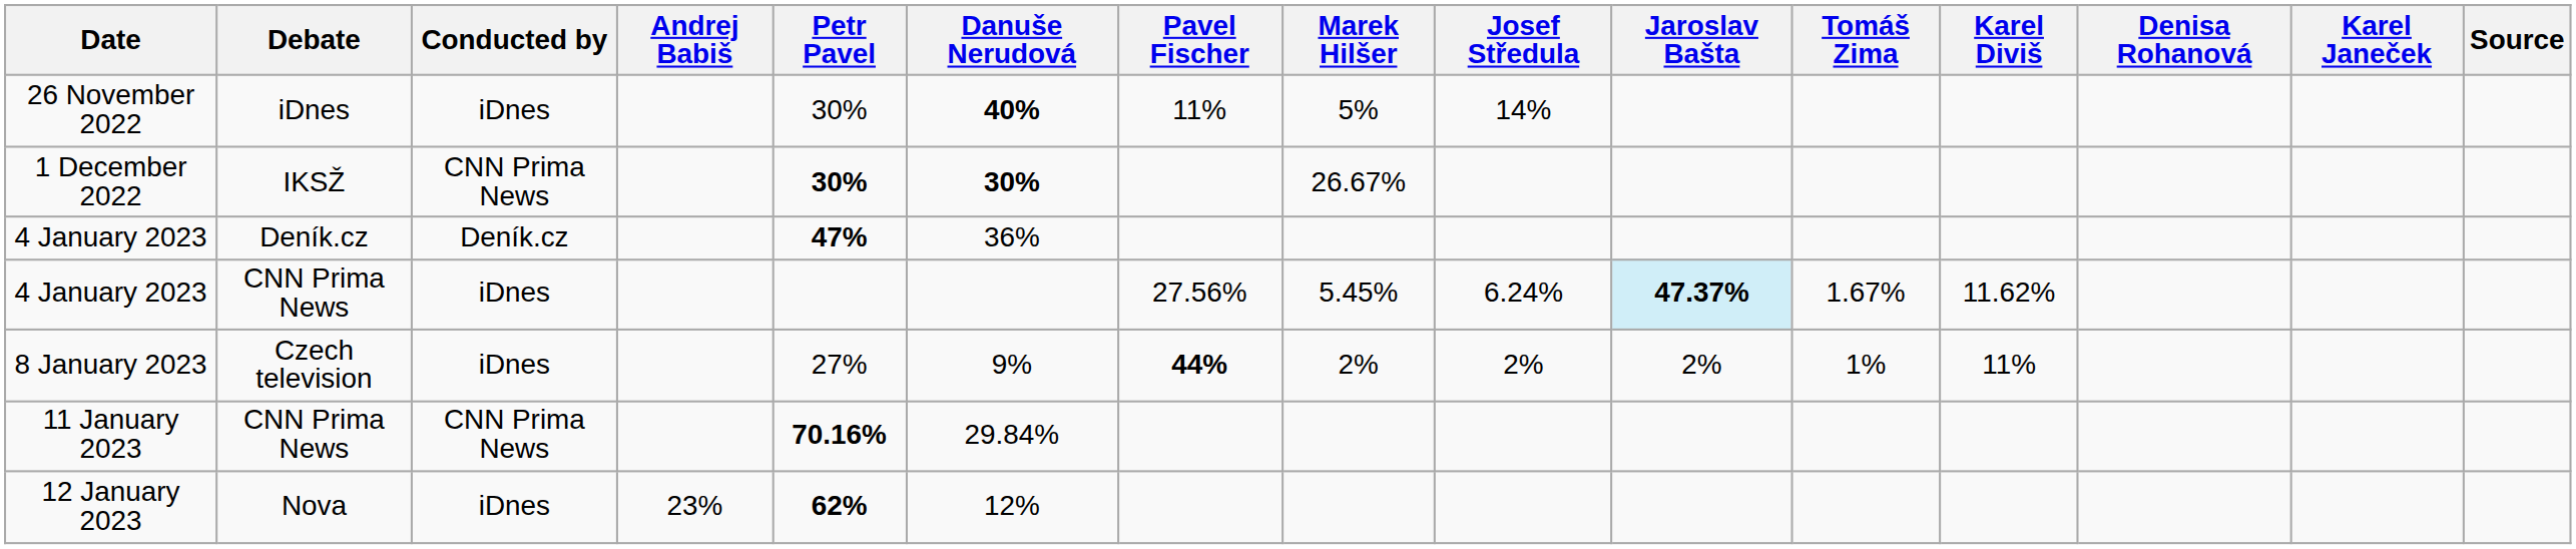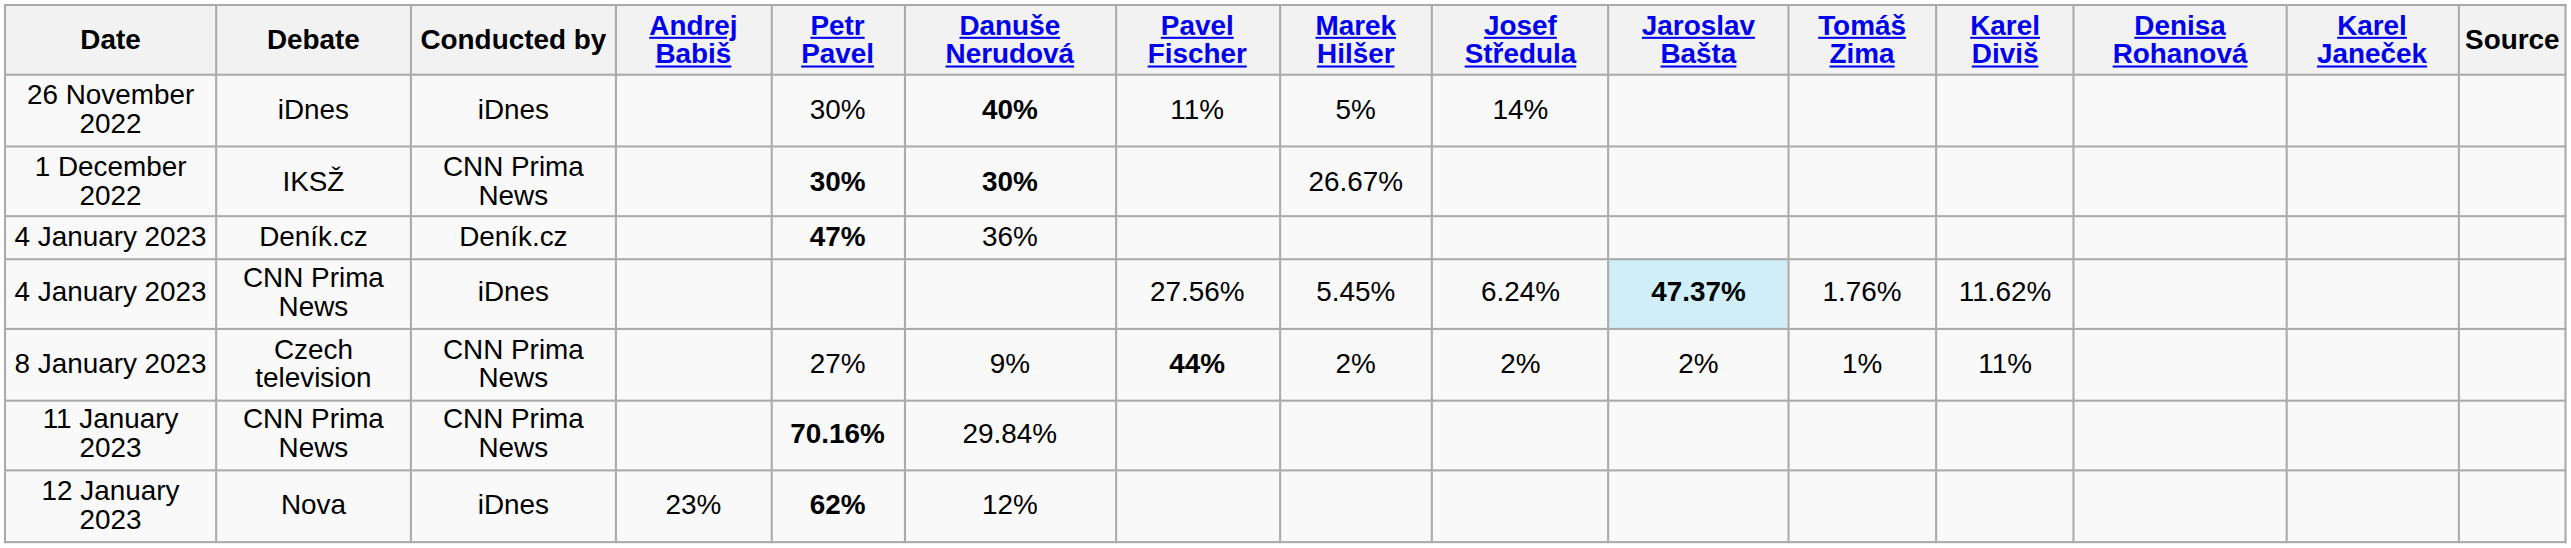 <table class="wikitable sortable" style=text-align:center;font-size:85%;line-height:14px;">
 <tr>
 <th>Date</th>
 <th>Debate</th>
 <th>Conducted by</th>
 <th><a href='#'>Andrej Babiš</a></th>
 <th><a href='#'>Petr Pavel</a></th>
 <th><a href='#'>Danuše Nerudová</a></th>
 <th><a href='#'>Pavel Fischer</a></th>
 <th><a href='#'>Marek Hilšer</a></th>
 <th><a href='#'>Josef Středula</a></th>
 <th><a href='#'>Jaroslav Bašta</a></th>
 <th><a href='#'>Tomáš Zima</a></th>
 <th><a href='#'>Karel Diviš</a></th>
 <th><a href='#'>Denisa Rohanová</a></th>
 <th><a href='#'>Karel Janeček</a></th>
 <th>Source</th>
 </tr>
 <tr>
 <td>26 November 2022</td>
 <td>iDnes</td>
 <td>iDnes</td>
 <td></td>
 <td>30%</td>
 <td><strong>40%</strong></td>
 <td>11%</td>
 <td>5%</td>
 <td>14%</td>
 <td></td>
 <td></td>
 <td></td>
 <td></td>
 <td></td>
 <td></td>
 </tr>
 <tr>
 <td>1 December 2022</td>
 <td>IKSŽ</td>
 <td>CNN Prima News</td>
 <td></td>
 <td><strong>30%</strong></td>
 <td><strong>30%</strong></td>
 <td></td>
 <td>26.67%</td>
 <td></td>
 <td></td>
 <td></td>
 <td></td>
 <td></td>
 <td></td>
 <td></td>
 </tr>
 <tr>
 <td>4 January 2023</td>
 <td>Deník.cz</td>
 <td>Deník.cz</td>
 <td></td>
 <td><strong>47%</strong></td>
 <td>36%</td>
 <td></td>
 <td></td>
 <td></td>
 <td></td>
 <td></td>
 <td></td>
 <td></td>
 <td></td>
 <td></td>
 </tr>
 <tr>
 <td>4 January 2023</td>
 <td>CNN Prima News</td>
 <td>iDnes</td>
 <td></td>
 <td></td>
 <td></td>
 <td>27.56%</td>
 <td>5.45%</td>
 <td>6.24%</td>
 <td style="background:#D0EEF8"><strong>47.37%</strong></td>
-<td>1.67%</td>
+<td>1.76%</td>
 <td>11.62%</td>
 <td></td>
 <td></td>
 <td></td>
 </tr>
 <tr>
 <td>8 January 2023</td>
 <td>Czech television</td>
-<td>iDnes</td>
+<td>CNN Prima News</td>
 <td></td>
 <td>27%</td>
 <td>9%</td>
 <td><strong>44%</strong></td>
 <td>2%</td>
 <td>2%</td>
 <td>2%</td>
 <td>1%</td>
 <td>11%</td>
 <td></td>
 <td></td>
 <td></td>
 </tr>
 <tr>
 <td>11 January 2023</td>
 <td>CNN Prima News</td>
 <td>CNN Prima News</td>
 <td></td>
 <td><strong>70.16%</strong></td>
 <td>29.84%</td>
 <td></td>
 <td></td>
 <td></td>
 <td></td>
 <td></td>
 <td></td>
 <td></td>
 <td></td>
 <td></td>
 </tr>
 <tr>
 <td>12 January 2023</td>
 <td>Nova</td>
 <td>iDnes</td>
 <td>23%</td>
 <td><strong>62%</strong></td>
 <td>12%</td>
 <td></td>
 <td></td>
 <td></td>
 <td></td>
 <td></td>
 <td></td>
 <td></td>
 <td></td>
 <td></td>
 </tr>
 </table>
